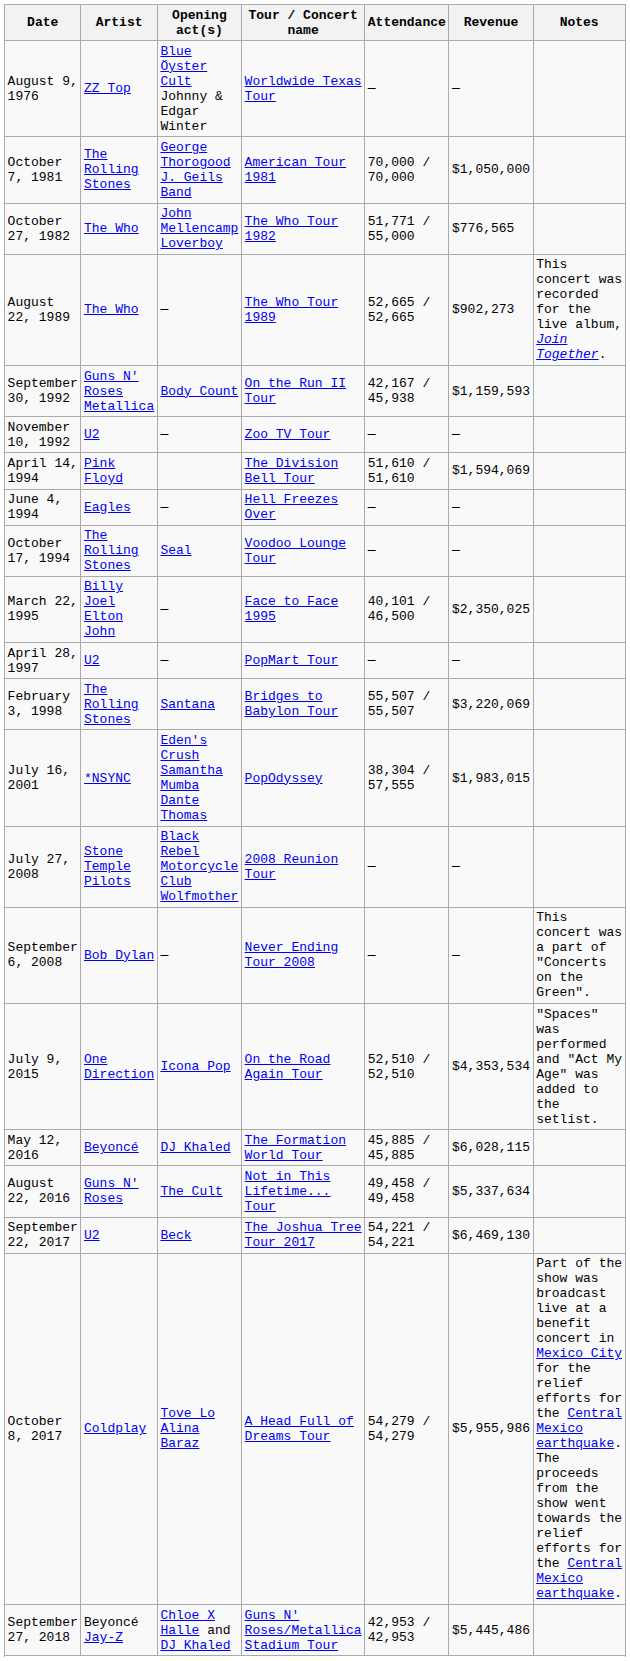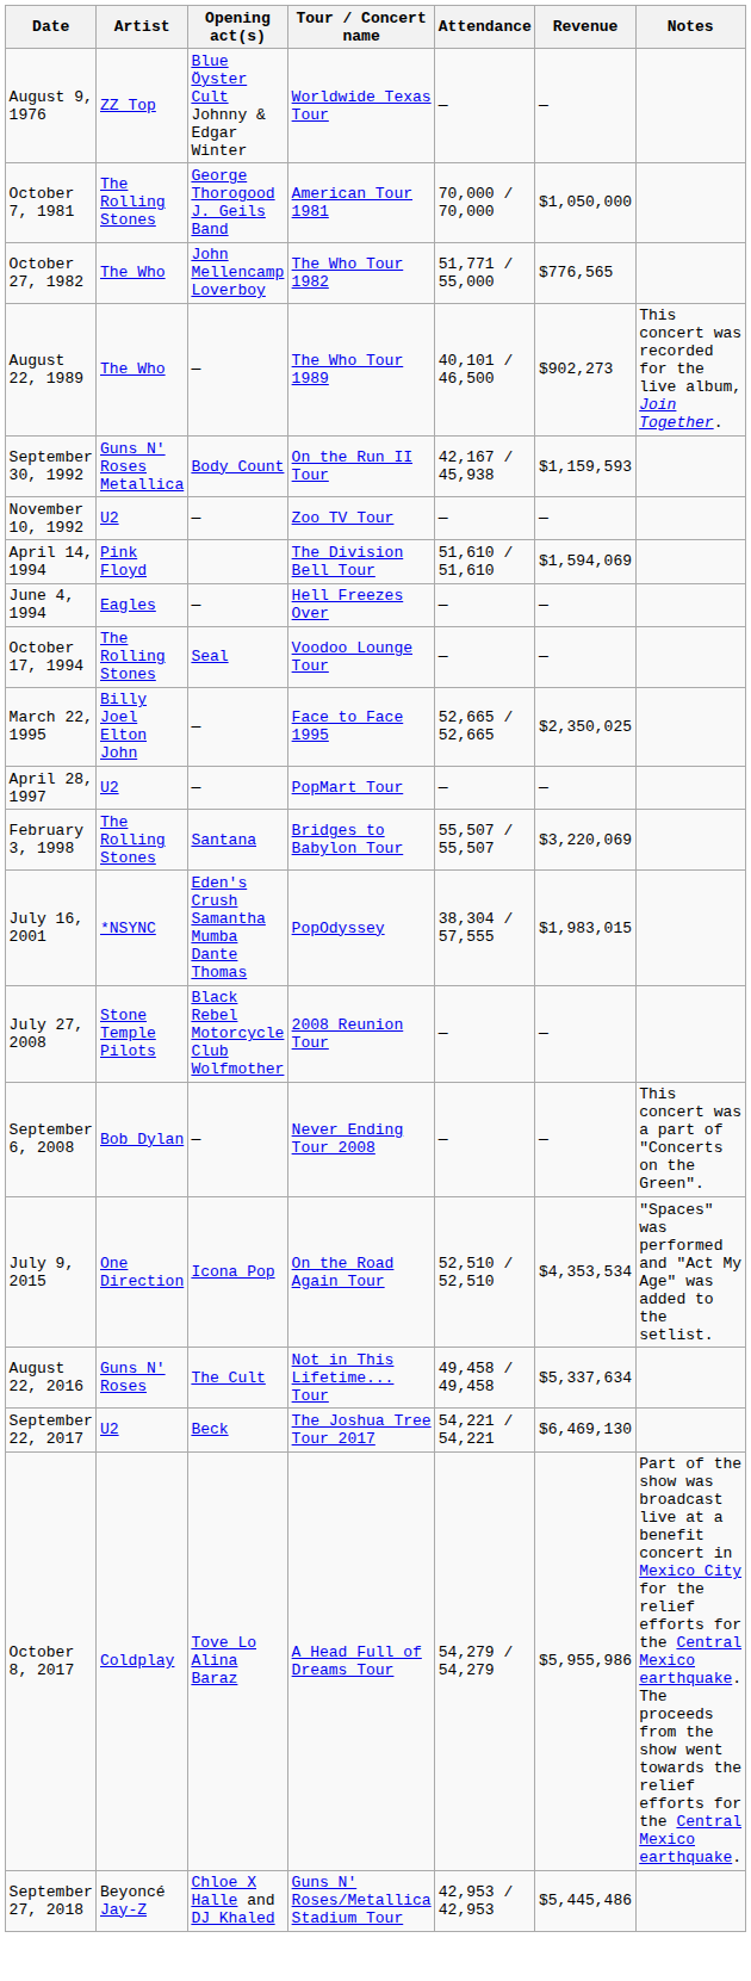 <table class="wikitable" style=font-size:100% style="text-align:center">
 <tr>
 <th width=12% style="text-align:center;">Date</th>
 <th width=10% style="text-align:center;">Artist</th>
 <th width=10% style="text-align:center;">Opening act(s)</th>
 <th width=16% style="text-align:center;">Tour / Concert name</th>
 <th width=10% style="text-align:center;">Attendance</th>
 <th width=10% style="text-align:center;">Revenue</th>
 <th width=20% style="text-align:center;">Notes</th>
 </tr>
 <tr>
 <td>August 9, 1976</td>
 <td><a href='#'>ZZ Top</a></td>
 <td><a href='#'>Blue Öyster Cult</a><br>Johnny & Edgar Winter</td>
 <td><a href='#'>Worldwide Texas Tour</a></td>
 <td>—</td>
 <td>—</td>
 <td></td>
 </tr>
 <tr>
 <td>October 7, 1981</td>
 <td><a href='#'>The Rolling Stones</a></td>
 <td><a href='#'>George Thorogood</a><br><a href='#'>J. Geils Band</a></td>
 <td><a href='#'>American Tour 1981</a></td>
 <td>70,000 / 70,000</td>
 <td>$1,050,000</td>
 <td></td>
 </tr>
 <tr>
 <td>October 27, 1982</td>
 <td><a href='#'>The Who</a></td>
 <td><a href='#'>John Mellencamp</a><br><a href='#'>Loverboy</a></td>
 <td><a href='#'>The Who Tour 1982</a></td>
 <td>51,771 / 55,000</td>
 <td>$776,565</td>
 <td></td>
 </tr>
 <tr>
 <td>August 22, 1989</td>
 <td><a href='#'>The Who</a></td>
 <td>—</td>
 <td><a href='#'>The Who Tour 1989</a></td>
-<td>52,665 / 52,665</td>
+<td>40,101 / 46,500</td>
 <td>$902,273</td>
 <td>This concert was recorded for the live album, <em><a href='#'>Join Together</a></em>.</td>
 </tr>
 <tr>
 <td>September 30, 1992</td>
 <td><a href='#'>Guns N' Roses</a><br><a href='#'>Metallica</a></td>
 <td><a href='#'>Body Count</a></td>
 <td><a href='#'>On the Run II Tour</a></td>
 <td>42,167 / 45,938</td>
 <td>$1,159,593</td>
 <td></td>
 </tr>
 <tr>
 <td>November 10, 1992</td>
 <td><a href='#'>U2</a></td>
 <td>—</td>
 <td><a href='#'>Zoo TV Tour</a></td>
 <td>—</td>
 <td>—</td>
 <td></td>
 </tr>
 <tr>
 <td>April 14, 1994</td>
 <td><a href='#'>Pink Floyd</a></td>
 <td></td>
 <td><a href='#'>The Division Bell Tour</a></td>
 <td>51,610 / 51,610</td>
 <td>$1,594,069</td>
 <td></td>
 </tr>
 <tr>
 <td>June 4, 1994</td>
 <td><a href='#'>Eagles</a></td>
 <td>—</td>
 <td><a href='#'>Hell Freezes Over</a></td>
 <td>—</td>
 <td>—</td>
 <td></td>
 </tr>
 <tr>
 <td>October 17, 1994</td>
 <td><a href='#'>The Rolling Stones</a></td>
 <td><a href='#'>Seal</a></td>
 <td><a href='#'>Voodoo Lounge Tour</a></td>
 <td>—</td>
 <td>—</td>
 <td></td>
 </tr>
 <tr>
 <td>March 22, 1995</td>
 <td><a href='#'>Billy Joel</a><br><a href='#'>Elton John</a></td>
 <td>—</td>
 <td><a href='#'>Face to Face 1995</a></td>
-<td>40,101 / 46,500</td>
+<td>52,665 / 52,665</td>
 <td>$2,350,025</td>
 <td></td>
 </tr>
 <tr>
 <td>April 28, 1997</td>
 <td><a href='#'>U2</a></td>
 <td>—</td>
 <td><a href='#'>PopMart Tour</a></td>
 <td>—</td>
 <td>—</td>
 <td></td>
 </tr>
 <tr>
 <td>February 3, 1998</td>
 <td><a href='#'>The Rolling Stones</a></td>
 <td><a href='#'>Santana</a></td>
 <td><a href='#'>Bridges to Babylon Tour</a></td>
 <td>55,507 / 55,507</td>
 <td>$3,220,069</td>
 <td></td>
 </tr>
 <tr>
 <td>July 16, 2001</td>
 <td><a href='#'>*NSYNC</a></td>
 <td><a href='#'>Eden's Crush</a><br><a href='#'>Samantha Mumba</a><br><a href='#'>Dante Thomas</a></td>
 <td><a href='#'>PopOdyssey</a></td>
 <td>38,304 / 57,555</td>
 <td>$1,983,015</td>
 <td></td>
 </tr>
 <tr>
 <td>July 27, 2008</td>
 <td><a href='#'>Stone Temple Pilots</a></td>
 <td><a href='#'>Black Rebel Motorcycle Club</a><br><a href='#'>Wolfmother</a></td>
 <td><a href='#'>2008 Reunion Tour</a></td>
 <td>—</td>
 <td>—</td>
 <td></td>
 </tr>
 <tr>
 <td>September 6, 2008</td>
 <td><a href='#'>Bob Dylan</a></td>
 <td>—</td>
 <td><a href='#'>Never Ending Tour 2008</a></td>
 <td>—</td>
 <td>—</td>
 <td>This concert was a part of "Concerts on the Green".</td>
 </tr>
 <tr>
 <td>July 9, 2015</td>
 <td><a href='#'>One Direction</a></td>
 <td><a href='#'>Icona Pop</a></td>
 <td><a href='#'>On the Road Again Tour</a></td>
 <td>52,510 / 52,510</td>
 <td>$4,353,534</td>
 <td>"Spaces" was performed and "Act My Age" was added to the setlist.</td>
 </tr>
 <tr>
-<td>May 12, 2016</td>
-<td><a href='#'>Beyoncé</a></td>
-<td><a href='#'>DJ Khaled</a></td>
-<td><a href='#'>The Formation World Tour</a></td>
-<td>45,885 / 45,885</td>
-<td>$6,028,115</td>
-<td></td>
-</tr>
-<tr>
 <td>August 22, 2016</td>
 <td><a href='#'>Guns N' Roses</a></td>
 <td><a href='#'>The Cult</a></td>
 <td><a href='#'>Not in This Lifetime... Tour</a></td>
 <td>49,458 / 49,458</td>
 <td>$5,337,634</td>
 <td></td>
 </tr>
 <tr>
 <td>September 22, 2017</td>
 <td><a href='#'>U2</a></td>
 <td><a href='#'>Beck</a></td>
 <td><a href='#'>The Joshua Tree Tour 2017</a></td>
 <td>54,221 / 54,221</td>
 <td>$6,469,130</td>
 <td></td>
 </tr>
 <tr>
 <td>October 8, 2017</td>
 <td><a href='#'>Coldplay</a></td>
 <td><a href='#'>Tove Lo</a><br><a href='#'>Alina Baraz</a></td>
 <td><a href='#'>A Head Full of Dreams Tour</a></td>
 <td>54,279 / 54,279</td>
 <td>$5,955,986</td>
 <td>Part of the show was broadcast live at a benefit concert in <a href='#'>Mexico City</a> for the relief efforts for the <a href='#'>Central Mexico earthquake</a>. The proceeds from the show went towards the relief efforts for the <a href='#'>Central Mexico earthquake</a>.</td>
 </tr>
 <tr>
 <td>September 27, 2018</td>
 <td>Beyoncé<br><a href='#'>Jay-Z</a></td>
 <td><a href='#'>Chloe X Halle</a> and <a href='#'>DJ Khaled</a></td>
 <td><a href='#'>Guns N' Roses/Metallica Stadium Tour</a></td>
 <td>42,953 / 42,953</td>
 <td>$5,445,486</td>
 <td></td>
 </tr>
 <tr>
 </tr>
 <tr>
 </tr>
 </table>
